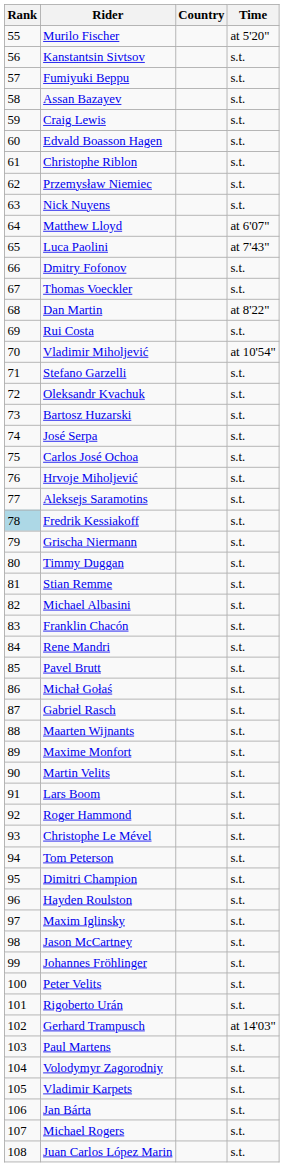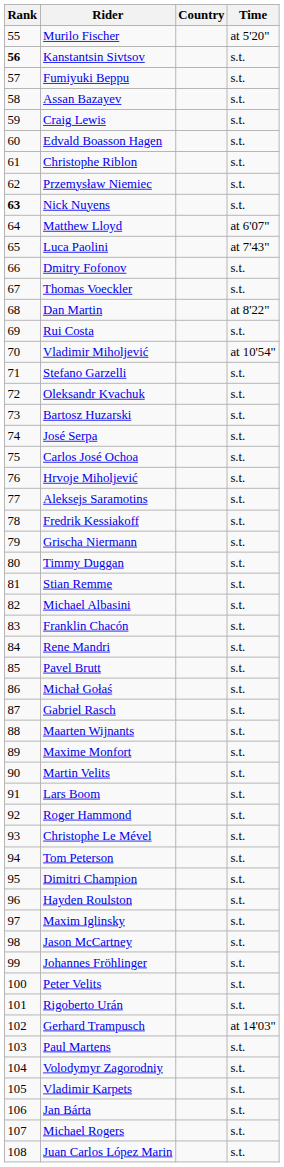 <table class="wikitable" style="font-size:95%; text-align:left;">
 <tr>
 <th>Rank</th>
 <th>Rider</th>
 <th>Country</th>
 <th>Time</th>
 </tr>
 <tr>
 <td>55</td>
 <td><a href='#'>Murilo Fischer</a></td>
 <td></td>
 <td>at 5'20"</td>
 </tr>
 <tr>
-<td>56</td>
+<td><strong>56</strong></td>
 <td><a href='#'>Kanstantsin Sivtsov</a></td>
 <td></td>
 <td>s.t.</td>
 </tr>
 <tr>
 <td>57</td>
 <td><a href='#'>Fumiyuki Beppu</a></td>
 <td></td>
 <td>s.t.</td>
 </tr>
 <tr>
 <td>58</td>
 <td><a href='#'>Assan Bazayev</a></td>
 <td></td>
 <td>s.t.</td>
 </tr>
 <tr>
 <td>59</td>
 <td><a href='#'>Craig Lewis</a></td>
 <td></td>
 <td>s.t.</td>
 </tr>
 <tr>
 <td>60</td>
 <td><a href='#'>Edvald Boasson Hagen</a></td>
 <td></td>
 <td>s.t.</td>
 </tr>
 <tr>
 <td>61</td>
 <td><a href='#'>Christophe Riblon</a></td>
 <td></td>
 <td>s.t.</td>
 </tr>
 <tr>
 <td>62</td>
 <td><a href='#'>Przemysław Niemiec</a></td>
 <td></td>
 <td>s.t.</td>
 </tr>
 <tr>
-<td>63</td>
+<td><strong>63</strong></td>
 <td><a href='#'>Nick Nuyens</a></td>
 <td></td>
 <td>s.t.</td>
 </tr>
 <tr>
 <td>64</td>
 <td><a href='#'>Matthew Lloyd</a></td>
 <td></td>
 <td>at 6'07"</td>
 </tr>
 <tr>
 <td>65</td>
 <td><a href='#'>Luca Paolini</a></td>
 <td></td>
 <td>at 7'43"</td>
 </tr>
 <tr>
 <td>66</td>
 <td><a href='#'>Dmitry Fofonov</a></td>
 <td></td>
 <td>s.t.</td>
 </tr>
 <tr>
 <td>67</td>
 <td><a href='#'>Thomas Voeckler</a></td>
 <td></td>
 <td>s.t.</td>
 </tr>
 <tr>
 <td>68</td>
 <td><a href='#'>Dan Martin</a></td>
 <td></td>
 <td>at 8'22"</td>
 </tr>
 <tr>
 <td>69</td>
 <td><a href='#'>Rui Costa</a></td>
 <td></td>
 <td>s.t.</td>
 </tr>
 <tr>
 <td>70</td>
 <td><a href='#'>Vladimir Miholjević</a></td>
 <td></td>
 <td>at 10'54"</td>
 </tr>
 <tr>
 <td>71</td>
 <td><a href='#'>Stefano Garzelli</a></td>
 <td></td>
 <td>s.t.</td>
 </tr>
 <tr>
 <td>72</td>
 <td><a href='#'>Oleksandr Kvachuk</a></td>
 <td></td>
 <td>s.t.</td>
 </tr>
 <tr>
 <td>73</td>
 <td><a href='#'>Bartosz Huzarski</a></td>
 <td></td>
 <td>s.t.</td>
 </tr>
 <tr>
 <td>74</td>
 <td><a href='#'>José Serpa</a></td>
 <td></td>
 <td>s.t.</td>
 </tr>
 <tr>
 <td>75</td>
 <td><a href='#'>Carlos José Ochoa</a></td>
 <td></td>
 <td>s.t.</td>
 </tr>
 <tr>
 <td>76</td>
 <td><a href='#'>Hrvoje Miholjević</a></td>
 <td></td>
 <td>s.t.</td>
 </tr>
 <tr>
 <td>77</td>
 <td><a href='#'>Aleksejs Saramotins</a></td>
 <td></td>
 <td>s.t.</td>
 </tr>
 <tr>
-<td style="background: lightblue;">78</td>
+<td>78</td>
 <td><a href='#'>Fredrik Kessiakoff</a></td>
 <td></td>
 <td>s.t.</td>
 </tr>
 <tr>
 <td>79</td>
 <td><a href='#'>Grischa Niermann</a></td>
 <td></td>
 <td>s.t.</td>
 </tr>
 <tr>
 <td>80</td>
 <td><a href='#'>Timmy Duggan</a></td>
 <td></td>
 <td>s.t.</td>
 </tr>
 <tr>
 <td>81</td>
 <td><a href='#'>Stian Remme</a></td>
 <td></td>
 <td>s.t.</td>
 </tr>
 <tr>
 <td>82</td>
 <td><a href='#'>Michael Albasini</a></td>
 <td></td>
 <td>s.t.</td>
 </tr>
 <tr>
 <td>83</td>
 <td><a href='#'>Franklin Chacón</a></td>
 <td></td>
 <td>s.t.</td>
 </tr>
 <tr>
 <td>84</td>
 <td><a href='#'>Rene Mandri</a></td>
 <td></td>
 <td>s.t.</td>
 </tr>
 <tr>
 <td>85</td>
 <td><a href='#'>Pavel Brutt</a></td>
 <td></td>
 <td>s.t.</td>
 </tr>
 <tr>
 <td>86</td>
 <td><a href='#'>Michał Gołaś</a></td>
 <td></td>
 <td>s.t.</td>
 </tr>
 <tr>
 <td>87</td>
 <td><a href='#'>Gabriel Rasch</a></td>
 <td></td>
 <td>s.t.</td>
 </tr>
 <tr>
 <td>88</td>
 <td><a href='#'>Maarten Wijnants</a></td>
 <td></td>
 <td>s.t.</td>
 </tr>
 <tr>
 <td>89</td>
 <td><a href='#'>Maxime Monfort</a></td>
 <td></td>
 <td>s.t.</td>
 </tr>
 <tr>
 <td>90</td>
 <td><a href='#'>Martin Velits</a></td>
 <td></td>
 <td>s.t.</td>
 </tr>
 <tr>
 <td>91</td>
 <td><a href='#'>Lars Boom</a></td>
 <td></td>
 <td>s.t.</td>
 </tr>
 <tr>
 <td>92</td>
 <td><a href='#'>Roger Hammond</a></td>
 <td></td>
 <td>s.t.</td>
 </tr>
 <tr>
 <td>93</td>
 <td><a href='#'>Christophe Le Mével</a></td>
 <td></td>
 <td>s.t.</td>
 </tr>
 <tr>
 <td>94</td>
 <td><a href='#'>Tom Peterson</a></td>
 <td></td>
 <td>s.t.</td>
 </tr>
 <tr>
 <td>95</td>
 <td><a href='#'>Dimitri Champion</a></td>
 <td></td>
 <td>s.t.</td>
 </tr>
 <tr>
 <td>96</td>
 <td><a href='#'>Hayden Roulston</a></td>
 <td></td>
 <td>s.t.</td>
 </tr>
 <tr>
 <td>97</td>
 <td><a href='#'>Maxim Iglinsky</a></td>
 <td></td>
 <td>s.t.</td>
 </tr>
 <tr>
 <td>98</td>
 <td><a href='#'>Jason McCartney</a></td>
 <td></td>
 <td>s.t.</td>
 </tr>
 <tr>
 <td>99</td>
 <td><a href='#'>Johannes Fröhlinger</a></td>
 <td></td>
 <td>s.t.</td>
 </tr>
 <tr>
 <td>100</td>
 <td><a href='#'>Peter Velits</a></td>
 <td></td>
 <td>s.t.</td>
 </tr>
 <tr>
 <td>101</td>
 <td><a href='#'>Rigoberto Urán</a></td>
 <td></td>
 <td>s.t.</td>
 </tr>
 <tr>
 <td>102</td>
 <td><a href='#'>Gerhard Trampusch</a></td>
 <td></td>
 <td>at 14'03"</td>
 </tr>
 <tr>
 <td>103</td>
 <td><a href='#'>Paul Martens</a></td>
 <td></td>
 <td>s.t.</td>
 </tr>
 <tr>
 <td>104</td>
 <td><a href='#'>Volodymyr Zagorodniy</a></td>
 <td></td>
 <td>s.t.</td>
 </tr>
 <tr>
 <td>105</td>
 <td><a href='#'>Vladimir Karpets</a></td>
 <td></td>
 <td>s.t.</td>
 </tr>
 <tr>
 <td>106</td>
 <td><a href='#'>Jan Bárta</a></td>
 <td></td>
 <td>s.t.</td>
 </tr>
 <tr>
 <td>107</td>
 <td><a href='#'>Michael Rogers</a></td>
 <td></td>
 <td>s.t.</td>
 </tr>
 <tr>
 <td>108</td>
 <td><a href='#'>Juan Carlos López Marin</a></td>
 <td></td>
 <td>s.t.</td>
 </tr>
 </table>
